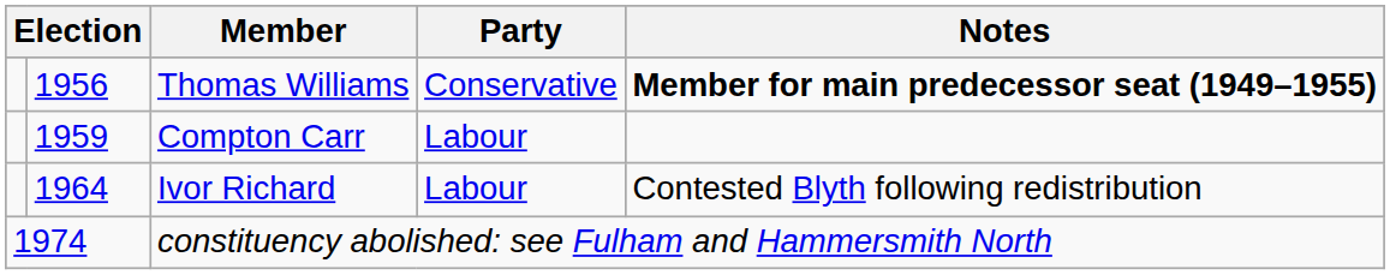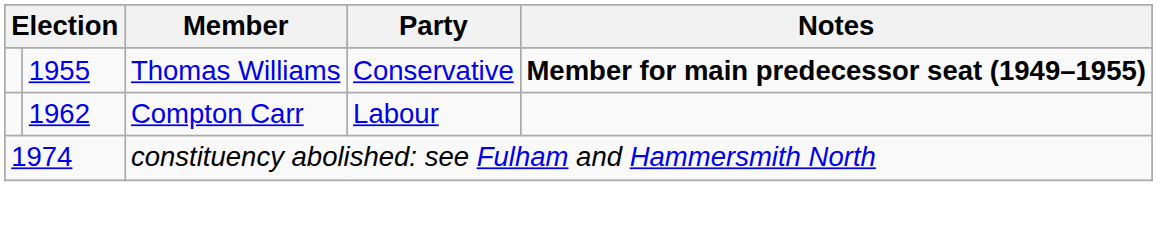 <table class="wikitable">
 <tr>
 <th colspan="2">Election</th>
 <th>Member</th>
 <th>Party</th>
 <th>Notes</th>
 </tr>
 <tr>
 <td style="color:inherit;background-color: "></td>
-<td><a href='#'>1956</a></td>
+<td><a href='#'>1955</a></td>
 <td><a href='#'>Thomas Williams</a></td>
 <td><a href='#'>Conservative</a></td>
 <td><strong>Member for main predecessor seat (1949–1955)</strong></td>
 </tr>
 <tr>
 <td style="color:inherit;background-color: "></td>
-<td><a href='#'>1959</a></td>
+<td><a href='#'>1962</a></td>
 <td><a href='#'>Compton Carr</a></td>
 <td><a href='#'>Labour</a></td>
 <td></td>
-</tr>
-<tr>
-<td style="color:inherit;background-color: "></td>
-<td><a href='#'>1964</a></td>
-<td><a href='#'>Ivor Richard</a></td>
-<td><a href='#'>Labour</a></td>
-<td>Contested <a href='#'>Blyth</a> following redistribution</td>
 </tr>
 <tr>
 <td colspan="2"><a href='#'>1974</a></td>
 <td colspan="3"><em>constituency abolished: see <a href='#'>Fulham</a> and <a href='#'>Hammersmith North</a></em></td>
 </tr>
 </table>
